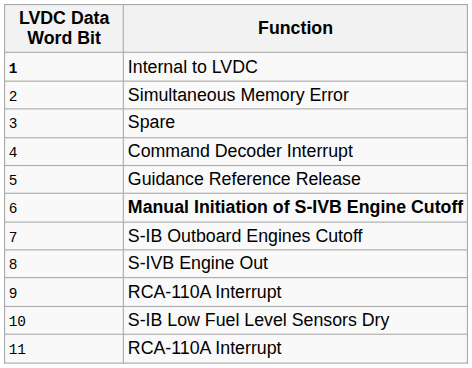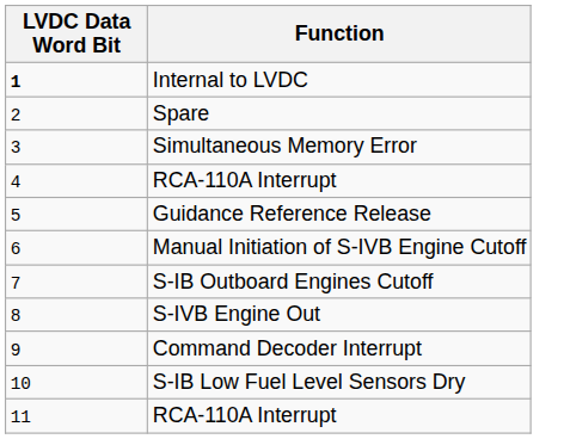 <table class="wikitable">
 <tr>
 <th width="100">LVDC Data  Word Bit</th>
 <th>Function</th>
 </tr>
 <tr>
 <td><strong><code>1</code></strong></td>
 <td>Internal to LVDC</td>
 </tr>
 <tr>
 <td><code>2</code></td>
+<td>Spare</td>
+</tr>
+<tr>
+<td><code>3</code></td>
 <td>Simultaneous Memory Error</td>
 </tr>
 <tr>
-<td><code>3</code></td>
-<td>Spare</td>
-</tr>
-<tr>
 <td><code>4</code></td>
-<td>Command Decoder Interrupt</td>
+<td>RCA-110A Interrupt</td>
 </tr>
 <tr>
 <td><code>5</code></td>
 <td>Guidance Reference Release</td>
 </tr>
 <tr>
 <td><code>6</code></td>
-<td><strong>Manual Initiation of S-IVB Engine Cutoff</strong></td>
+<td>Manual Initiation of S-IVB Engine Cutoff</td>
 </tr>
 <tr>
 <td><code>7</code></td>
 <td>S-IB Outboard Engines Cutoff</td>
 </tr>
 <tr>
 <td><code>8</code></td>
 <td>S-IVB Engine Out</td>
 </tr>
 <tr>
 <td><code>9</code></td>
-<td>RCA-110A Interrupt</td>
+<td>Command Decoder Interrupt</td>
 </tr>
 <tr>
 <td><code>10</code></td>
 <td>S-IB Low Fuel Level Sensors Dry</td>
 </tr>
 <tr>
 <td><code>11</code></td>
 <td>RCA-110A Interrupt</td>
 </tr>
 </table>
